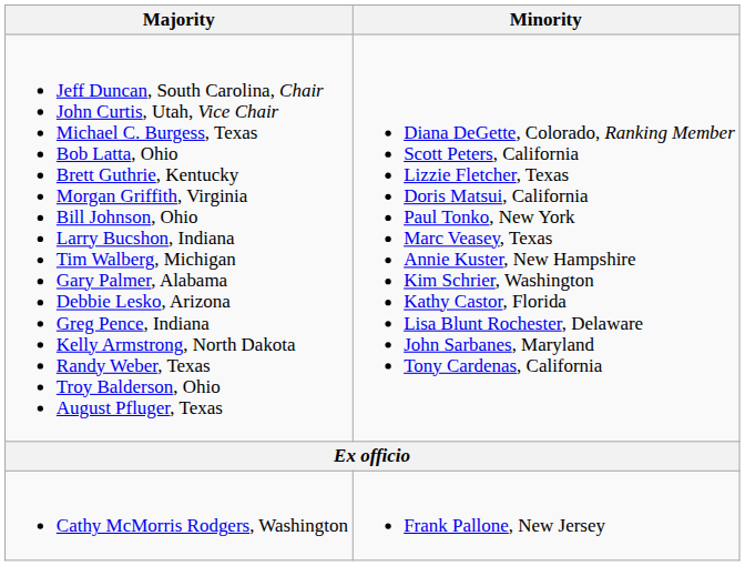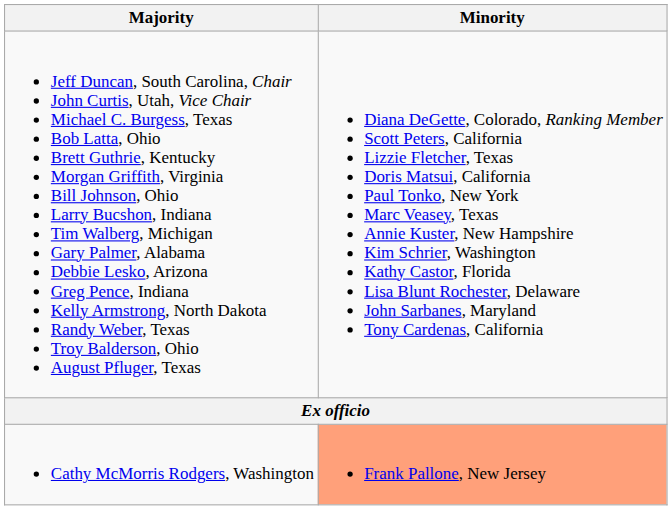 <table class=wikitable>
 <tr>
 <th>Majority</th>
 <th>Minority</th>
 </tr>
 <tr>
 <td><br><ul><li><a href='#'>Jeff Duncan</a>, South Carolina, <em>Chair</em></li><li><a href='#'>John Curtis</a>, Utah, <em>Vice Chair</em></li><li><a href='#'>Michael C. Burgess</a>, Texas</li><li><a href='#'>Bob Latta</a>, Ohio</li><li><a href='#'>Brett Guthrie</a>, Kentucky</li><li><a href='#'>Morgan Griffith</a>, Virginia</li><li><a href='#'>Bill Johnson</a>, Ohio</li><li><a href='#'>Larry Bucshon</a>, Indiana</li><li><a href='#'>Tim Walberg</a>, Michigan</li><li><a href='#'>Gary Palmer</a>, Alabama</li><li><a href='#'>Debbie Lesko</a>, Arizona</li><li><a href='#'>Greg Pence</a>, Indiana</li><li><a href='#'>Kelly Armstrong</a>, North Dakota</li><li><a href='#'>Randy Weber</a>, Texas</li><li><a href='#'>Troy Balderson</a>, Ohio</li><li><a href='#'>August Pfluger</a>, Texas</li></ul></td>
 <td><br><ul><li><a href='#'>Diana DeGette</a>, Colorado, <em>Ranking Member</em></li><li><a href='#'>Scott Peters</a>, California</li><li><a href='#'>Lizzie Fletcher</a>, Texas</li><li><a href='#'>Doris Matsui</a>, California</li><li><a href='#'>Paul Tonko</a>, New York</li><li><a href='#'>Marc Veasey</a>, Texas</li><li><a href='#'>Annie Kuster</a>, New Hampshire</li><li><a href='#'>Kim Schrier</a>, Washington</li><li><a href='#'>Kathy Castor</a>, Florida</li><li><a href='#'>Lisa Blunt Rochester</a>, Delaware</li><li><a href='#'>John Sarbanes</a>, Maryland</li><li><a href='#'>Tony Cardenas</a>, California</li></ul></td>
 </tr>
 <tr>
 <th colspan=2><em>Ex officio</em></th>
 </tr>
 <tr>
 <td><br><ul><li><a href='#'>Cathy McMorris Rodgers</a>, Washington</li></ul></td>
-<td><br><ul><li><a href='#'>Frank Pallone</a>, New Jersey</li></ul></td>
+<td style="background: lightsalmon;"><br><ul><li><a href='#'>Frank Pallone</a>, New Jersey</li></ul></td>
 </tr>
 </table>
